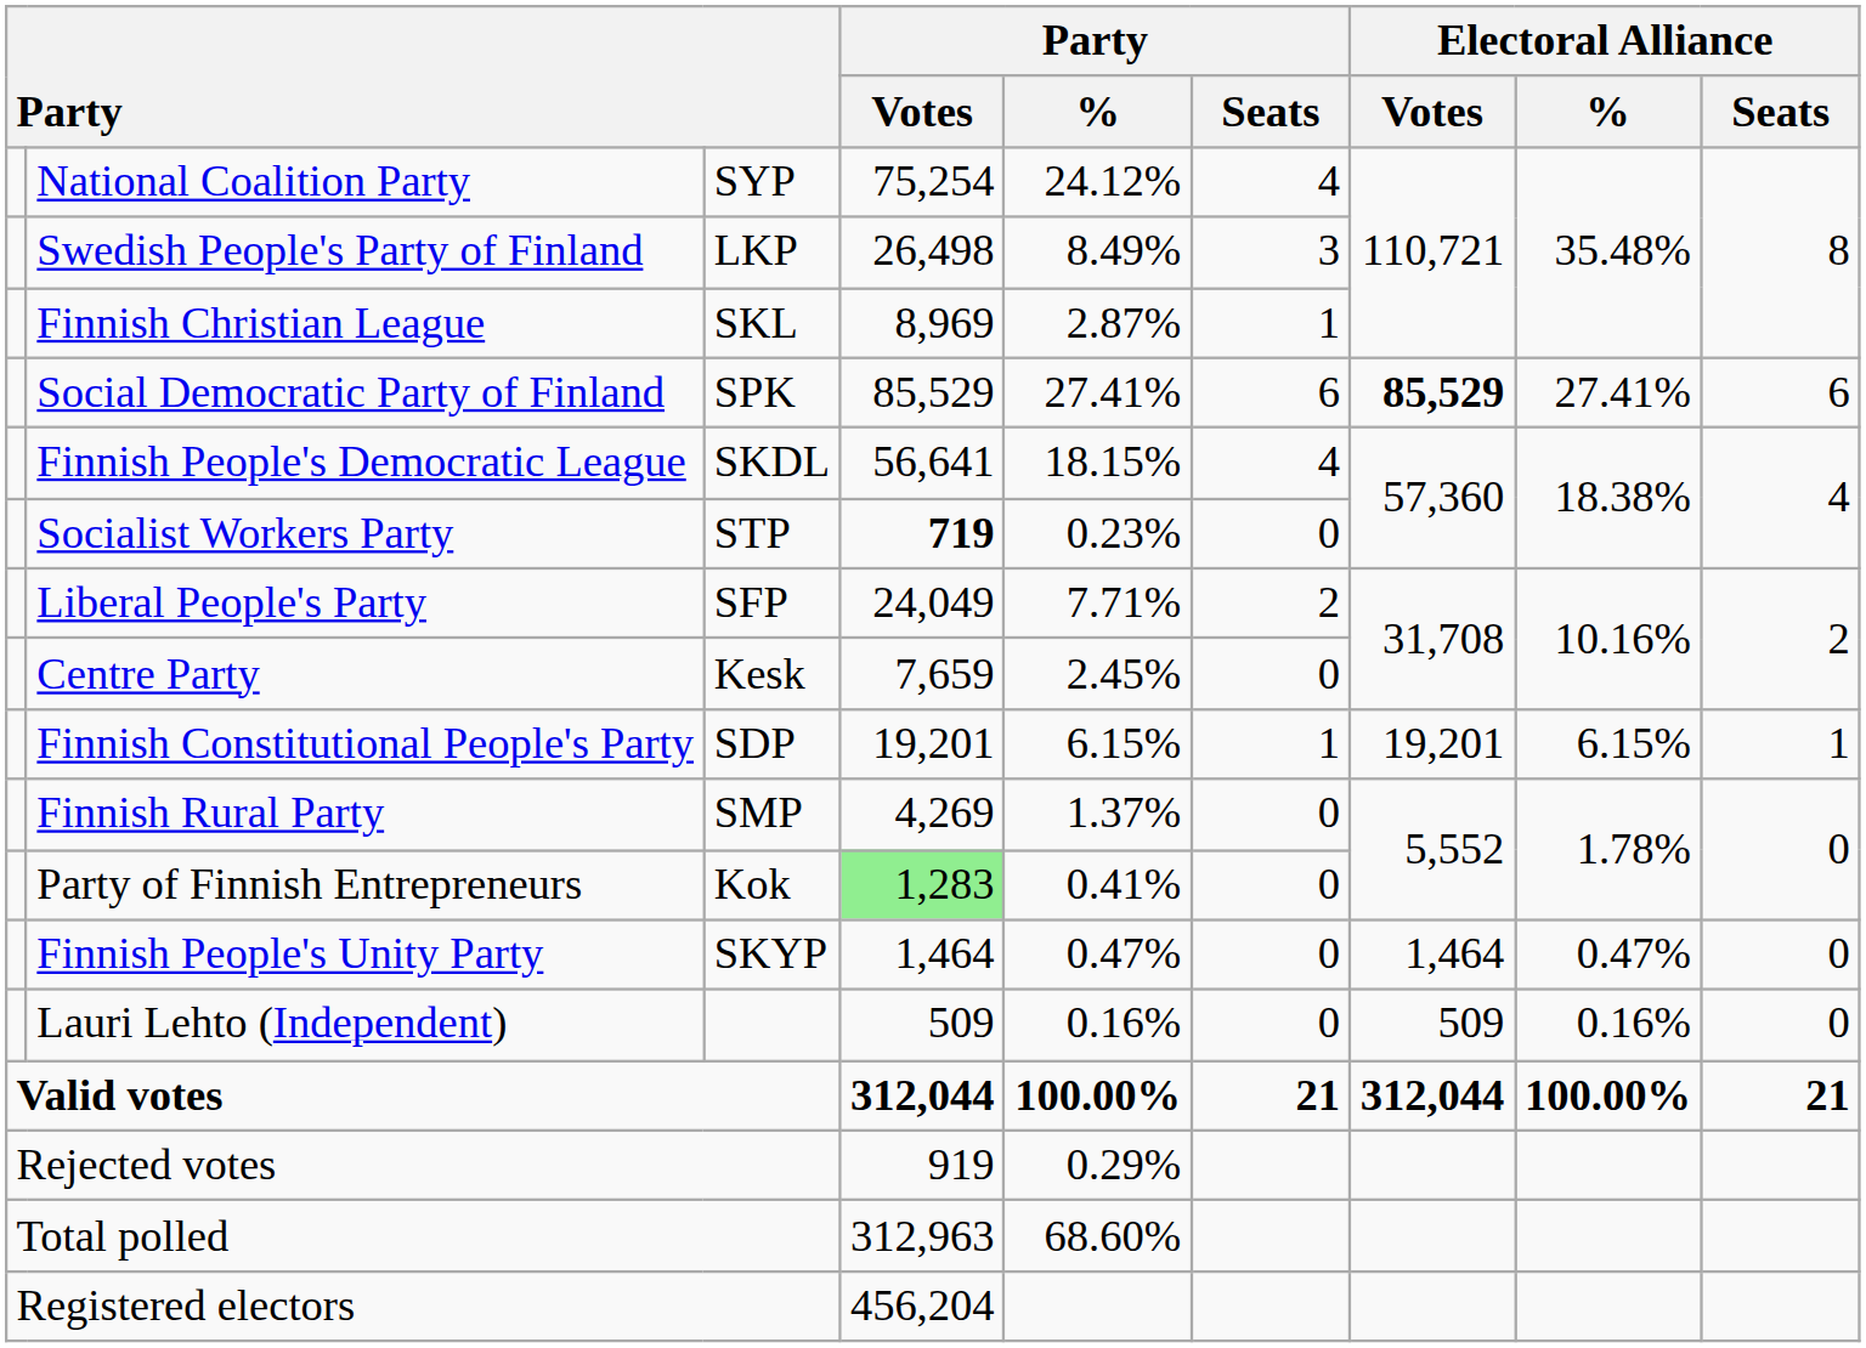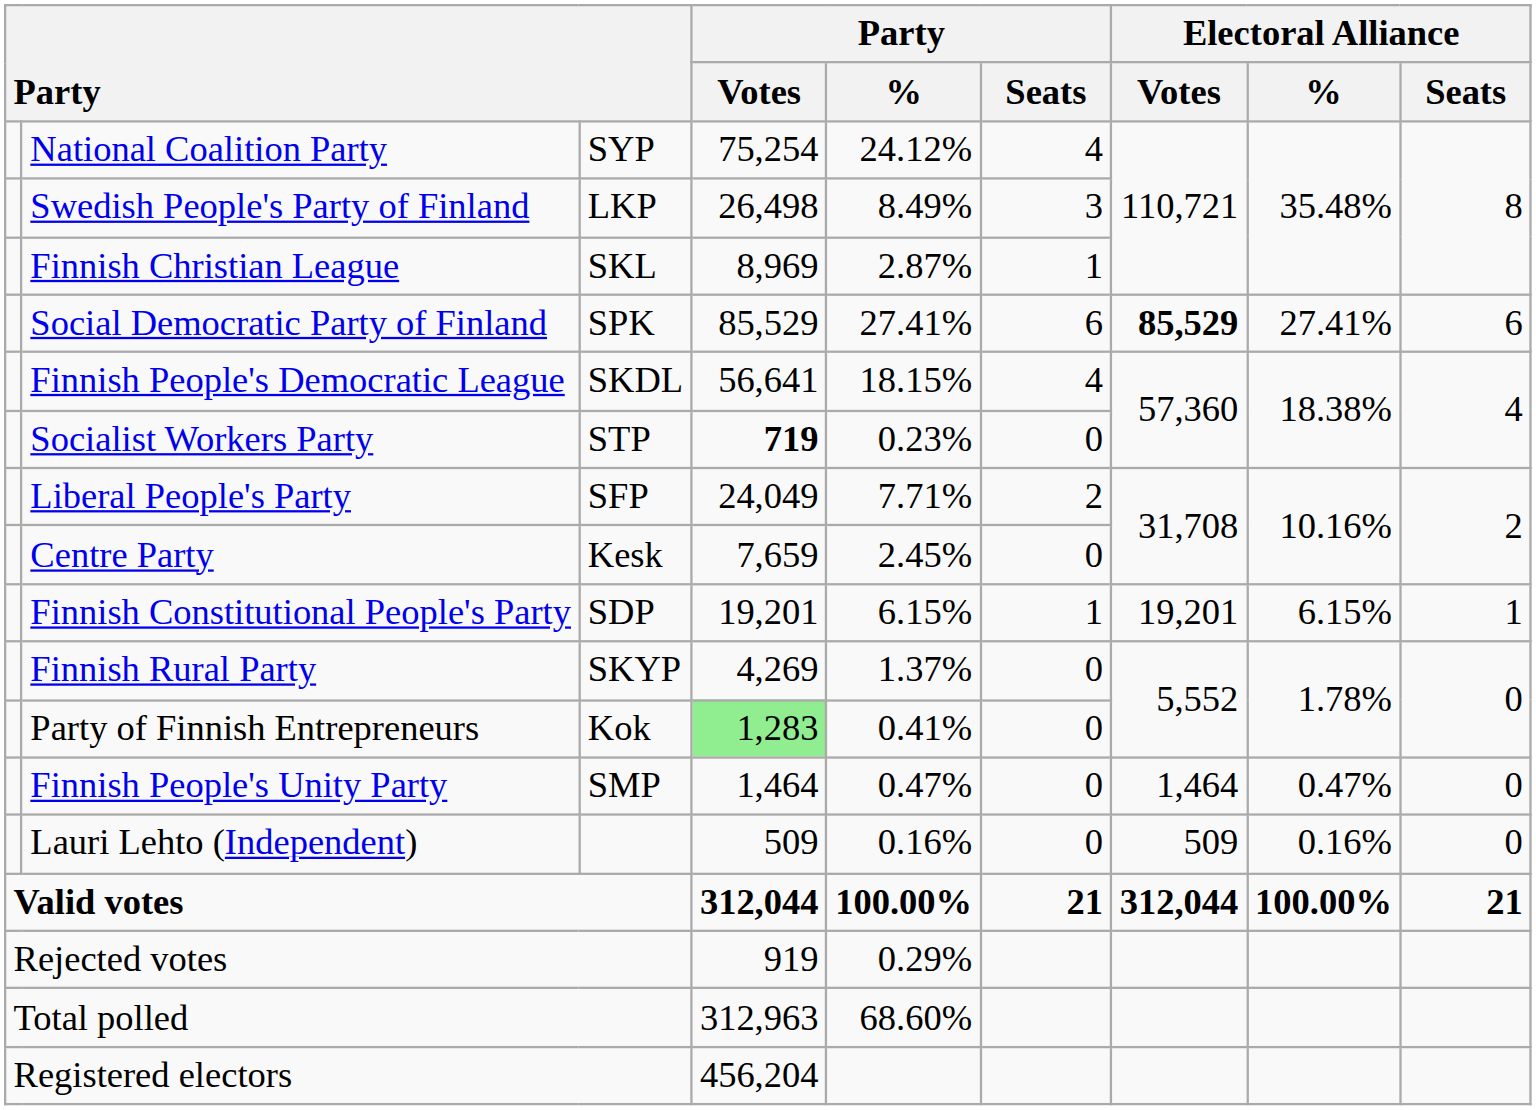 <table class="wikitable" border="1" style="text-align:right;">
 <tr>
 <th style="text-align:left;" valign=bottom rowspan=2 colspan=3>Party</th>
 <th colspan=3>Party</th>
 <th colspan=3>Electoral Alliance</th>
 </tr>
 <tr>
 <th align=center valign=bottom width="50">Votes</th>
 <th align=center valign=bottom width="50">%</th>
 <th align=center valign=bottom width="50">Seats</th>
 <th align=center valign=bottom width="50">Votes</th>
 <th align=center valign=bottom width="50">%</th>
 <th align=center valign=bottom width="50">Seats</th>
 </tr>
 <tr>
 <td></td>
 <td align=left><a href='#'>National Coalition Party</a></td>
 <td align=left>SYP</td>
 <td>75,254</td>
 <td>24.12%</td>
 <td>4</td>
 <td rowspan=3>110,721</td>
 <td rowspan=3>35.48%</td>
 <td rowspan=3>8</td>
 </tr>
 <tr>
 <td></td>
 <td align=left><a href='#'>Swedish People's Party of Finland</a></td>
 <td align=left>LKP</td>
 <td>26,498</td>
 <td>8.49%</td>
 <td>3</td>
 </tr>
 <tr>
 <td></td>
 <td align=left><a href='#'>Finnish Christian League</a></td>
 <td align=left>SKL</td>
 <td>8,969</td>
 <td>2.87%</td>
 <td>1</td>
 </tr>
 <tr>
 <td></td>
 <td align=left style="white-space: nowrap;"><a href='#'>Social Democratic Party of Finland</a></td>
 <td align=left>SPK</td>
 <td>85,529</td>
 <td>27.41%</td>
 <td>6</td>
 <td><strong>85,529</strong></td>
 <td>27.41%</td>
 <td>6</td>
 </tr>
 <tr>
 <td></td>
 <td align=left><a href='#'>Finnish People's Democratic League</a></td>
 <td align=left>SKDL</td>
 <td>56,641</td>
 <td>18.15%</td>
 <td>4</td>
 <td rowspan=2>57,360</td>
 <td rowspan=2>18.38%</td>
 <td rowspan=2>4</td>
 </tr>
 <tr>
 <td></td>
 <td align=left><a href='#'>Socialist Workers Party</a></td>
 <td align=left>STP</td>
 <td><strong>719</strong></td>
 <td>0.23%</td>
 <td>0</td>
 </tr>
 <tr>
 <td></td>
 <td align=left><a href='#'>Liberal People's Party</a></td>
 <td align=left>SFP</td>
 <td>24,049</td>
 <td>7.71%</td>
 <td>2</td>
 <td rowspan=2>31,708</td>
 <td rowspan=2>10.16%</td>
 <td rowspan=2>2</td>
 </tr>
 <tr>
 <td></td>
 <td align=left><a href='#'>Centre Party</a></td>
 <td align=left>Kesk</td>
 <td>7,659</td>
 <td>2.45%</td>
 <td>0</td>
 </tr>
 <tr>
 <td></td>
 <td align=left><a href='#'>Finnish Constitutional People's Party</a></td>
 <td align=left>SDP</td>
 <td>19,201</td>
 <td>6.15%</td>
 <td>1</td>
 <td>19,201</td>
 <td>6.15%</td>
 <td>1</td>
 </tr>
 <tr>
 <td></td>
 <td align=left><a href='#'>Finnish Rural Party</a></td>
-<td align=left>SMP</td>
+<td align=left>SKYP</td>
 <td>4,269</td>
 <td>1.37%</td>
 <td>0</td>
 <td rowspan=2>5,552</td>
 <td rowspan=2>1.78%</td>
 <td rowspan=2>0</td>
 </tr>
 <tr>
 <td></td>
 <td align=left>Party of Finnish Entrepreneurs</td>
 <td align=left>Kok</td>
 <td style="background: lightgreen;">1,283</td>
 <td>0.41%</td>
 <td>0</td>
 </tr>
 <tr>
 <td></td>
 <td align=left><a href='#'>Finnish People's Unity Party</a></td>
-<td align=left>SKYP</td>
+<td align=left>SMP</td>
 <td>1,464</td>
 <td>0.47%</td>
 <td>0</td>
 <td>1,464</td>
 <td>0.47%</td>
 <td>0</td>
 </tr>
 <tr>
 <td></td>
 <td align=left>Lauri Lehto (<a href='#'>Independent</a>)</td>
 <td align=left></td>
 <td>509</td>
 <td>0.16%</td>
 <td>0</td>
 <td>509</td>
 <td>0.16%</td>
 <td>0</td>
 </tr>
 <tr style="font-weight:bold">
 <td align=left colspan=3>Valid votes</td>
 <td>312,044</td>
 <td>100.00%</td>
 <td>21</td>
 <td>312,044</td>
 <td>100.00%</td>
 <td>21</td>
 </tr>
 <tr>
 <td align=left colspan=3>Rejected votes</td>
 <td>919</td>
 <td>0.29%</td>
 <td></td>
 <td></td>
 <td></td>
 <td></td>
 </tr>
 <tr>
 <td align=left colspan=3>Total polled</td>
 <td>312,963</td>
 <td>68.60%</td>
 <td></td>
 <td></td>
 <td></td>
 <td></td>
 </tr>
 <tr>
 <td align=left colspan=3>Registered electors</td>
 <td>456,204</td>
 <td></td>
 <td></td>
 <td></td>
 <td></td>
 <td></td>
 </tr>
 </table>
